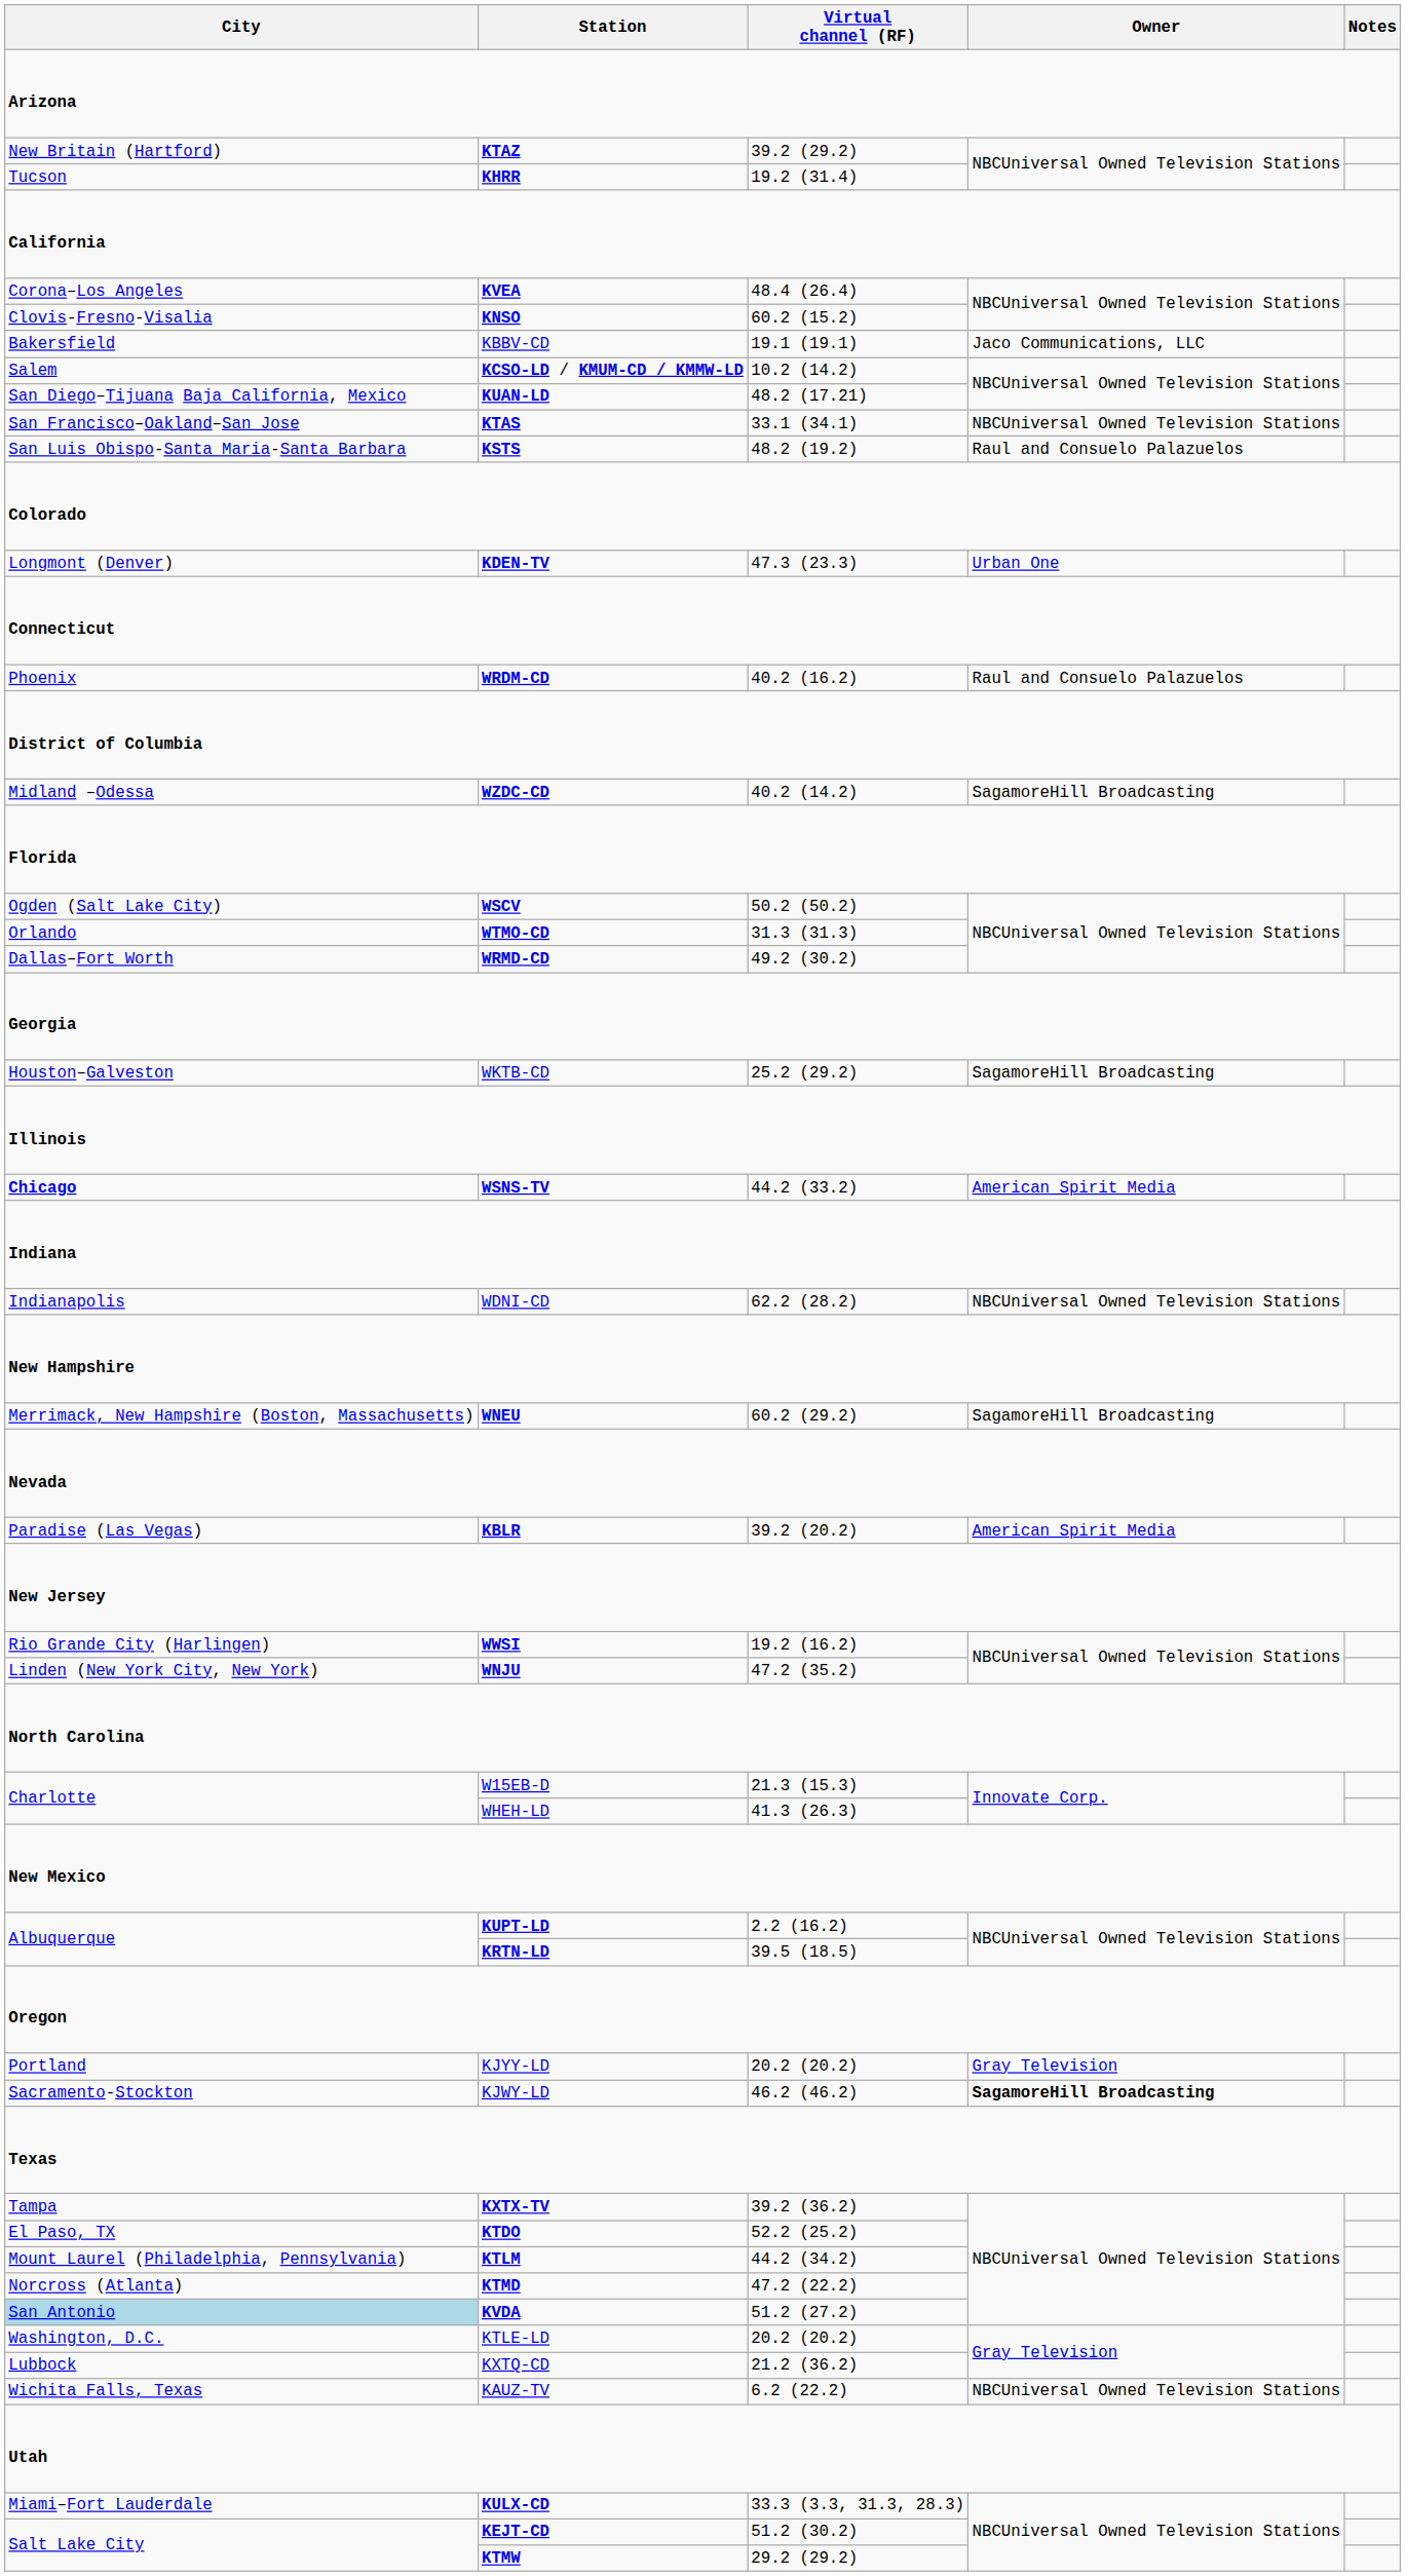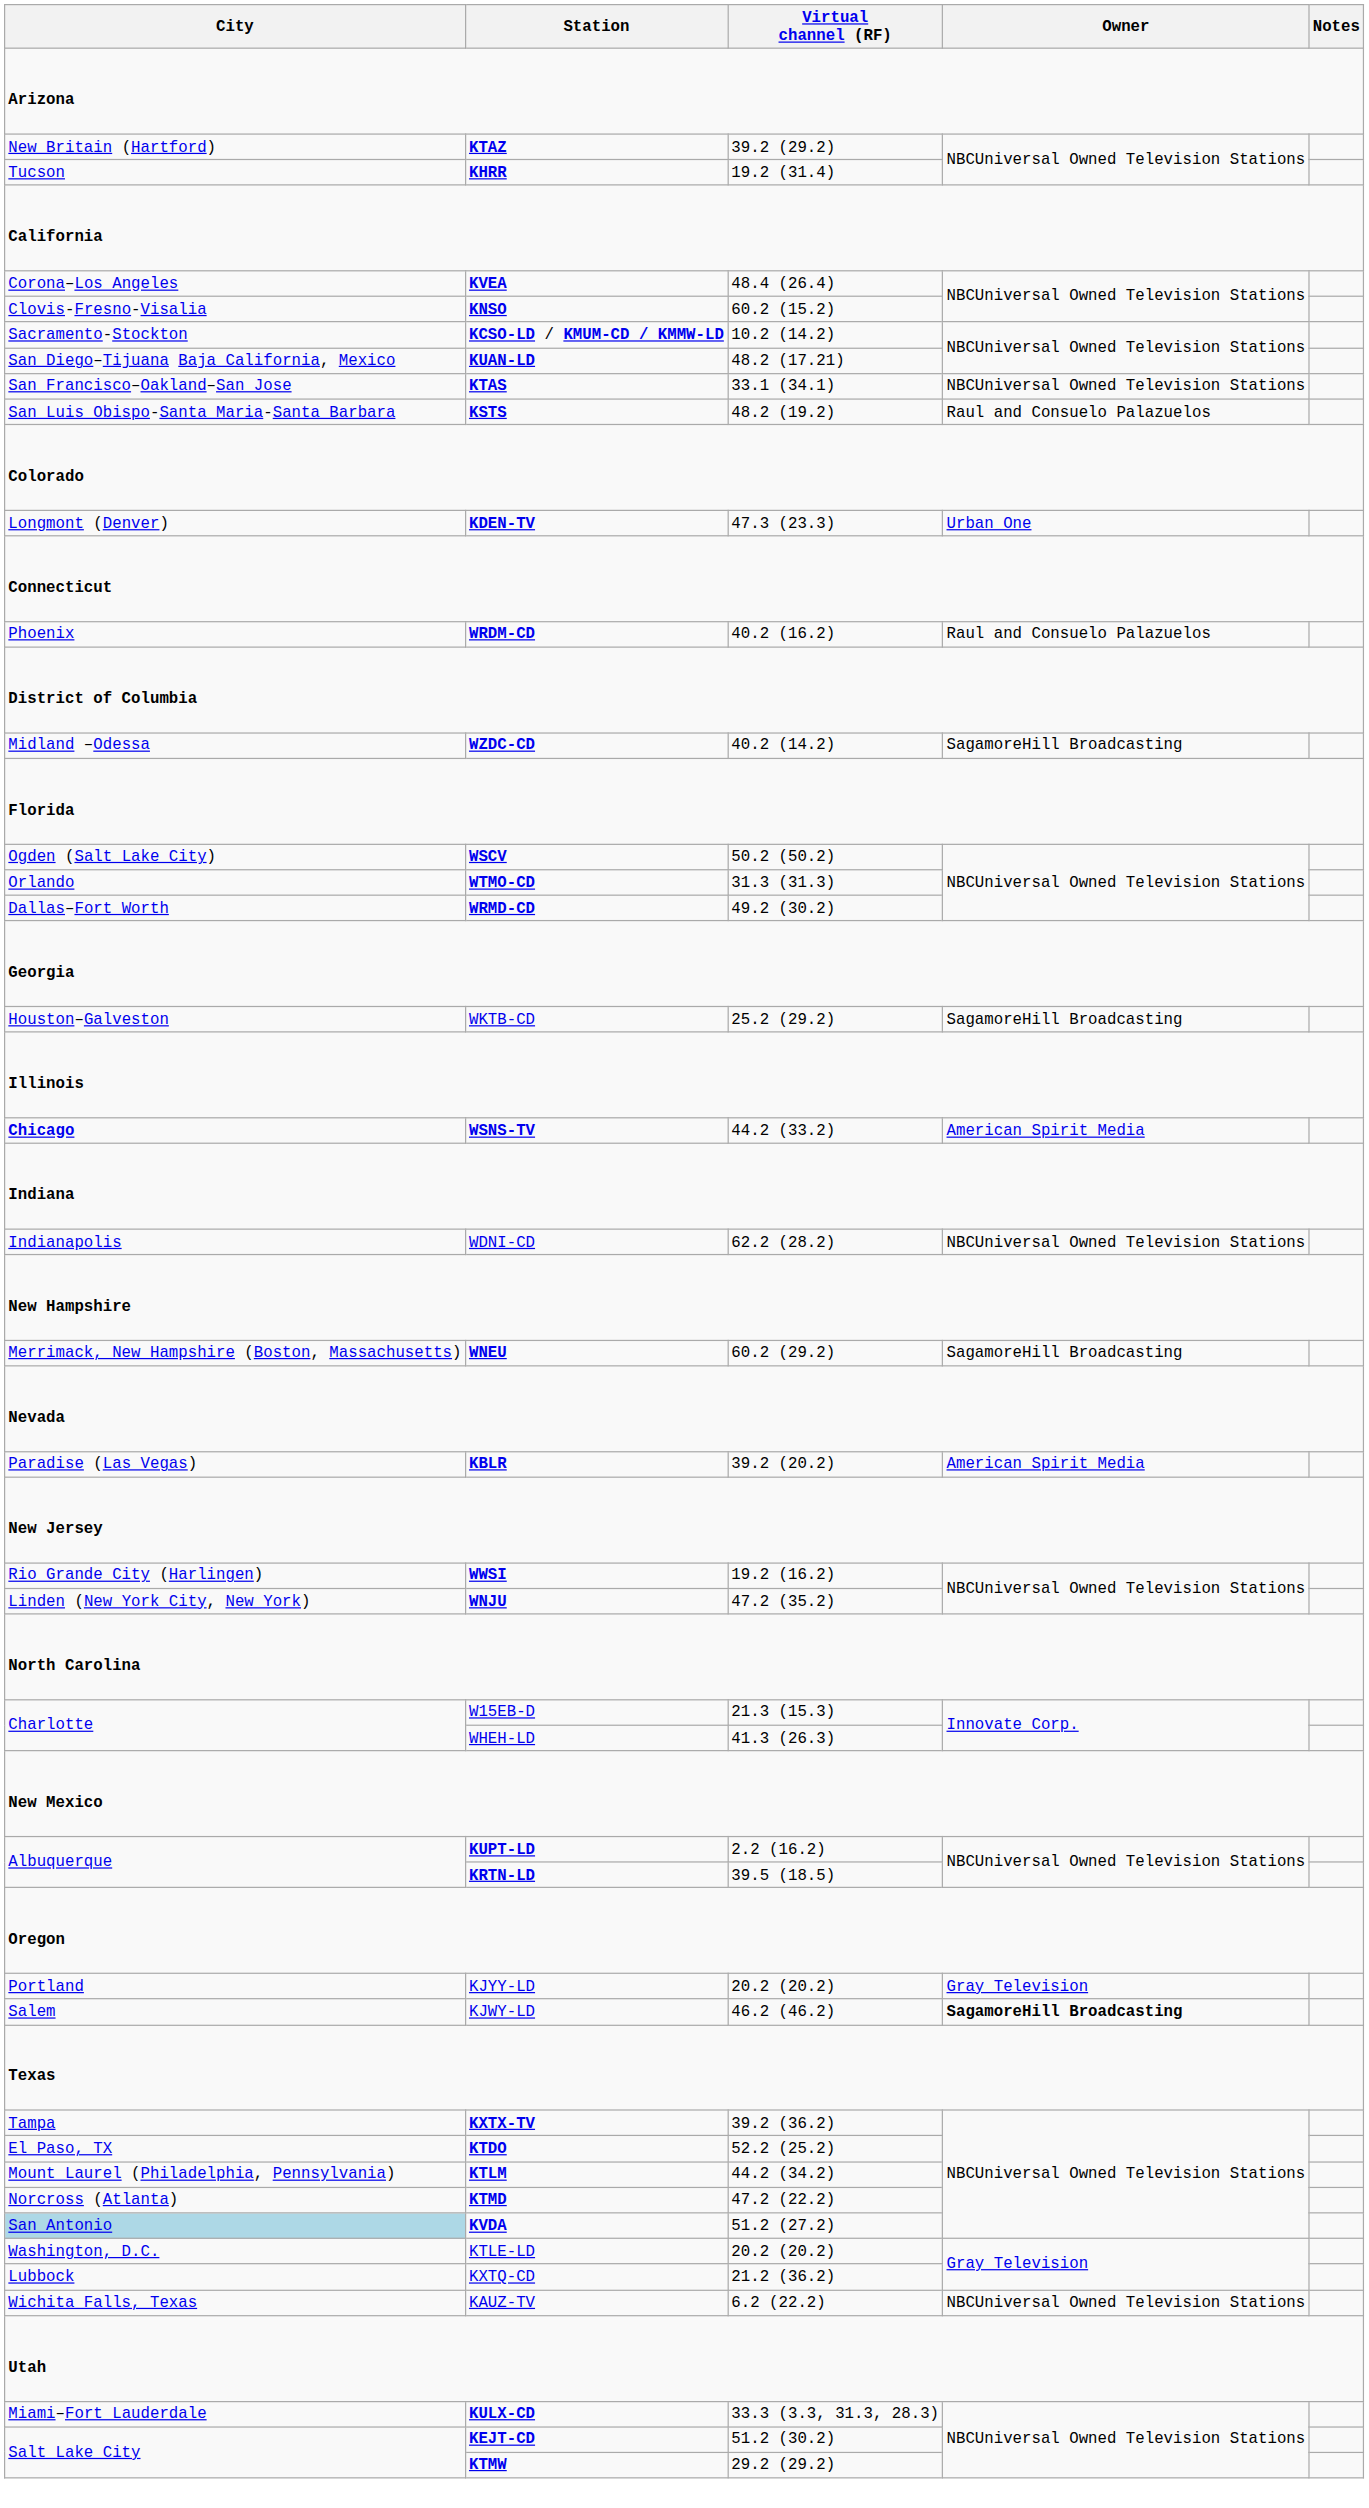 <table class="wikitable unsortable">
 <tr>
 <th>City</th>
 <th>Station</th>
 <th><a href='#'>Virtual<br>channel</a> (RF)</th>
 <th>Owner</th>
 <th>Notes</th>
 </tr>
 <tr>
 <td colspan="5"><br><h4>Arizona</h4></td>
 </tr>
 <tr>
 <td><a href='#'>New Britain</a> (<a href='#'>Hartford</a>)</td>
 <td><strong><a href='#'>KTAZ</a></strong></td>
 <td>39.2 (29.2)</td>
 <td rowspan="2">NBCUniversal Owned Television Stations</td>
 <td></td>
 </tr>
 <tr>
 <td><a href='#'>Tucson</a></td>
 <td><strong><a href='#'>KHRR</a></strong></td>
 <td>19.2 (31.4)</td>
 <td></td>
 </tr>
 <tr>
 <td colspan="5"><br><h4>California</h4></td>
 </tr>
 <tr>
 <td><a href='#'>Corona</a>–<a href='#'>Los Angeles</a></td>
 <td><strong><a href='#'>KVEA</a></strong></td>
 <td>48.4 (26.4)</td>
 <td rowspan="2">NBCUniversal Owned Television Stations</td>
 <td></td>
 </tr>
 <tr>
 <td><a href='#'>Clovis</a>-<a href='#'>Fresno</a>-<a href='#'>Visalia</a></td>
 <td><strong><a href='#'>KNSO</a></strong></td>
 <td>60.2 (15.2)</td>
 <td></td>
 </tr>
 <tr>
-<td><a href='#'>Bakersfield</a></td>
-<td><a href='#'>KBBV-CD</a></td>
-<td>19.1 (19.1)</td>
-<td>Jaco Communications, LLC</td>
-<td></td>
-</tr>
-<tr>
-<td><a href='#'>Salem</a></td>
+<td><a href='#'>Sacramento</a>-<a href='#'>Stockton</a></td>
 <td><strong><a href='#'>KCSO-LD</a></strong> / <strong><a href='#'>KMUM-CD / KMMW-LD</a></strong></td>
 <td>10.2 (14.2)</td>
 <td rowspan="2">NBCUniversal Owned Television Stations</td>
 <td></td>
 </tr>
 <tr>
 <td><a href='#'>San Diego</a>–<a href='#'>Tijuana</a>  <a href='#'>Baja California</a>, <a href='#'>Mexico</a></td>
 <td><strong><a href='#'>KUAN-LD</a></strong></td>
 <td>48.2 (17.21)</td>
 <td></td>
 </tr>
 <tr>
 <td><a href='#'>San Francisco</a>–<a href='#'>Oakland</a>–<a href='#'>San Jose</a></td>
 <td><strong><a href='#'>KTAS</a></strong></td>
 <td>33.1 (34.1)</td>
 <td>NBCUniversal Owned Television Stations</td>
 <td></td>
 </tr>
 <tr>
 <td><a href='#'>San Luis Obispo</a>-<a href='#'>Santa Maria</a>-<a href='#'>Santa Barbara</a></td>
 <td><strong><a href='#'>KSTS</a></strong></td>
 <td>48.2 (19.2)</td>
 <td>Raul and Consuelo Palazuelos</td>
 </tr>
 <tr>
 <td colspan="5"><br><h4>Colorado</h4></td>
 </tr>
 <tr>
 <td><a href='#'>Longmont</a> (<a href='#'>Denver</a>)</td>
 <td><strong><a href='#'>KDEN-TV</a></strong></td>
 <td>47.3 (23.3)</td>
 <td><a href='#'>Urban One</a></td>
 <td></td>
 </tr>
 <tr>
 <td colspan="5"><br><h4>Connecticut</h4></td>
 </tr>
 <tr>
 <td><a href='#'>Phoenix</a></td>
 <td><strong><a href='#'>WRDM-CD</a></strong></td>
 <td>40.2 (16.2)</td>
 <td>Raul and Consuelo Palazuelos</td>
 <td></td>
 </tr>
 <tr>
 <td colspan="5"><br><h4>District of Columbia</h4></td>
 </tr>
 <tr>
 <td><a href='#'>Midland</a> –<a href='#'>Odessa</a></td>
 <td><strong><a href='#'>WZDC-CD</a></strong></td>
 <td>40.2 (14.2)</td>
 <td>SagamoreHill Broadcasting</td>
 <td></td>
 </tr>
 <tr>
 <td colspan="5"><br><h4>Florida</h4></td>
 </tr>
 <tr>
 <td><a href='#'>Ogden</a> (<a href='#'>Salt Lake City</a>)</td>
 <td><strong><a href='#'>WSCV</a></strong></td>
 <td>50.2 (50.2)</td>
 <td rowspan="3">NBCUniversal Owned Television Stations</td>
 <td></td>
 </tr>
 <tr>
 <td><a href='#'>Orlando</a></td>
 <td><strong><a href='#'>WTMO-CD</a></strong></td>
 <td>31.3 (31.3)</td>
 <td></td>
 </tr>
 <tr>
 <td><a href='#'>Dallas</a>–<a href='#'>Fort Worth</a></td>
 <td><strong><a href='#'>WRMD-CD</a></strong></td>
 <td>49.2 (30.2)</td>
 <td></td>
 </tr>
 <tr>
 <td colspan="5"><br><h4>Georgia</h4></td>
 </tr>
 <tr>
 <td><a href='#'>Houston</a>–<a href='#'>Galveston</a></td>
 <td><a href='#'>WKTB-CD</a></td>
 <td>25.2 (29.2)</td>
 <td>SagamoreHill Broadcasting</td>
 <td></td>
 </tr>
 <tr>
 <td colspan="5"><br><h4>Illinois</h4></td>
 </tr>
 <tr>
 <td><strong><a href='#'>Chicago</a></strong></td>
 <td><strong><a href='#'>WSNS-TV</a></strong></td>
 <td>44.2 (33.2)</td>
 <td><a href='#'>American Spirit Media</a></td>
 <td></td>
 </tr>
 <tr>
 <td colspan="5"><br><h4>Indiana</h4></td>
 </tr>
 <tr>
 <td><a href='#'>Indianapolis</a></td>
 <td><a href='#'>WDNI-CD</a></td>
 <td>62.2 (28.2)</td>
 <td>NBCUniversal Owned Television Stations</td>
 <td></td>
 </tr>
 <tr>
 <td colspan="5"><br><h4>New Hampshire</h4></td>
 </tr>
 <tr>
 <td><a href='#'>Merrimack, New Hampshire</a> (<a href='#'>Boston</a>, <a href='#'>Massachusetts</a>)</td>
 <td><strong><a href='#'>WNEU</a></strong></td>
 <td>60.2 (29.2)</td>
 <td>SagamoreHill Broadcasting</td>
 <td></td>
 </tr>
 <tr>
 <td colspan="5"><br><h4>Nevada</h4></td>
 </tr>
 <tr>
 <td><a href='#'>Paradise</a> (<a href='#'>Las Vegas</a>)</td>
 <td><strong><a href='#'>KBLR</a></strong></td>
 <td>39.2 (20.2)</td>
 <td><a href='#'>American Spirit Media</a></td>
 <td></td>
 </tr>
 <tr>
 <td colspan="5"><br><h4>New Jersey</h4></td>
 </tr>
 <tr>
 <td><a href='#'>Rio Grande City</a> (<a href='#'>Harlingen</a>)</td>
 <td><strong><a href='#'>WWSI</a></strong></td>
 <td>19.2 (16.2)</td>
 <td rowspan="2">NBCUniversal Owned Television Stations</td>
 <td></td>
 </tr>
 <tr>
 <td><a href='#'>Linden</a> (<a href='#'>New York City</a>, <a href='#'>New York</a>)</td>
 <td><strong><a href='#'>WNJU</a></strong></td>
 <td>47.2 (35.2)</td>
 <td></td>
 </tr>
 <tr>
 <td colspan="5"><br><h4>North Carolina</h4></td>
 </tr>
 <tr>
 <td rowspan="2"><a href='#'>Charlotte</a></td>
 <td><a href='#'>W15EB-D</a></td>
 <td>21.3 (15.3)</td>
 <td rowspan="2"><a href='#'>Innovate Corp.</a></td>
 <td></td>
 </tr>
 <tr>
 <td><a href='#'>WHEH-LD</a></td>
 <td>41.3 (26.3)</td>
 <td></td>
 </tr>
 <tr>
 <td colspan="5"><br><h4>New Mexico</h4></td>
 </tr>
 <tr>
 <td rowspan="2"><a href='#'>Albuquerque</a></td>
 <td><strong><a href='#'>KUPT-LD</a></strong></td>
 <td>2.2 (16.2)</td>
 <td rowspan="2">NBCUniversal Owned Television Stations</td>
 <td></td>
 </tr>
 <tr>
 <td><strong><a href='#'>KRTN-LD</a></strong></td>
 <td>39.5 (18.5)</td>
 <td></td>
 </tr>
 <tr>
 <td colspan="5"><br><h4>Oregon</h4></td>
 </tr>
 <tr>
 <td><a href='#'>Portland</a></td>
 <td><a href='#'>KJYY-LD</a></td>
 <td>20.2 (20.2)</td>
 <td><a href='#'>Gray Television</a></td>
 <td></td>
 </tr>
 <tr>
-<td><a href='#'>Sacramento</a>-<a href='#'>Stockton</a></td>
+<td><a href='#'>Salem</a></td>
 <td><a href='#'>KJWY-LD</a></td>
 <td>46.2 (46.2)</td>
 <td><strong>SagamoreHill Broadcasting</strong></td>
 <td></td>
 </tr>
 <tr>
 <td colspan="5"><br><h4>Texas</h4></td>
 </tr>
 <tr>
 <td><a href='#'>Tampa</a></td>
 <td><strong><a href='#'>KXTX-TV</a></strong></td>
 <td>39.2 (36.2)</td>
 <td rowspan="5">NBCUniversal Owned Television Stations</td>
 <td></td>
 </tr>
 <tr>
 <td><a href='#'>El Paso, TX</a></td>
 <td><strong><a href='#'>KTDO</a></strong></td>
 <td>52.2 (25.2)</td>
 <td></td>
 </tr>
 <tr>
 <td><a href='#'>Mount Laurel</a> (<a href='#'>Philadelphia</a>, <a href='#'>Pennsylvania</a>)</td>
 <td><strong><a href='#'>KTLM</a></strong></td>
 <td>44.2 (34.2)</td>
 <td></td>
 </tr>
 <tr>
 <td><a href='#'>Norcross</a> (<a href='#'>Atlanta</a>)</td>
 <td><strong><a href='#'>KTMD</a></strong></td>
 <td>47.2 (22.2)</td>
 <td></td>
 </tr>
 <tr>
 <td style="background: lightblue;"><a href='#'>San Antonio</a></td>
 <td><strong><a href='#'>KVDA</a></strong></td>
 <td>51.2 (27.2)</td>
 <td></td>
 </tr>
 <tr>
 <td><a href='#'>Washington, D.C.</a></td>
 <td><a href='#'>KTLE-LD</a></td>
 <td>20.2 (20.2)</td>
 <td rowspan="2"><a href='#'>Gray Television</a></td>
 <td></td>
 </tr>
 <tr>
 <td><a href='#'>Lubbock</a></td>
 <td><a href='#'>KXTQ-CD</a></td>
 <td>21.2 (36.2)</td>
 <td></td>
 </tr>
 <tr>
 <td><a href='#'>Wichita Falls, Texas</a></td>
 <td><a href='#'>KAUZ-TV</a></td>
 <td>6.2 (22.2)</td>
 <td>NBCUniversal Owned Television Stations</td>
 </tr>
 <tr>
 <td colspan="5"><br><h4>Utah</h4></td>
 </tr>
 <tr>
 <td><a href='#'>Miami</a>–<a href='#'>Fort Lauderdale</a></td>
 <td><strong><a href='#'>KULX-CD</a></strong></td>
 <td>33.3 (3.3, 31.3, 28.3)</td>
 <td rowspan="3">NBCUniversal Owned Television Stations</td>
 <td></td>
 </tr>
 <tr>
 <td rowspan="2"><a href='#'>Salt Lake City</a></td>
 <td><strong><a href='#'>KEJT-CD</a></strong></td>
 <td>51.2 (30.2)</td>
 <td></td>
 </tr>
 <tr>
 <td><strong><a href='#'>KTMW</a></strong></td>
 <td>29.2 (29.2)</td>
 <td></td>
 </tr>
 </table>
